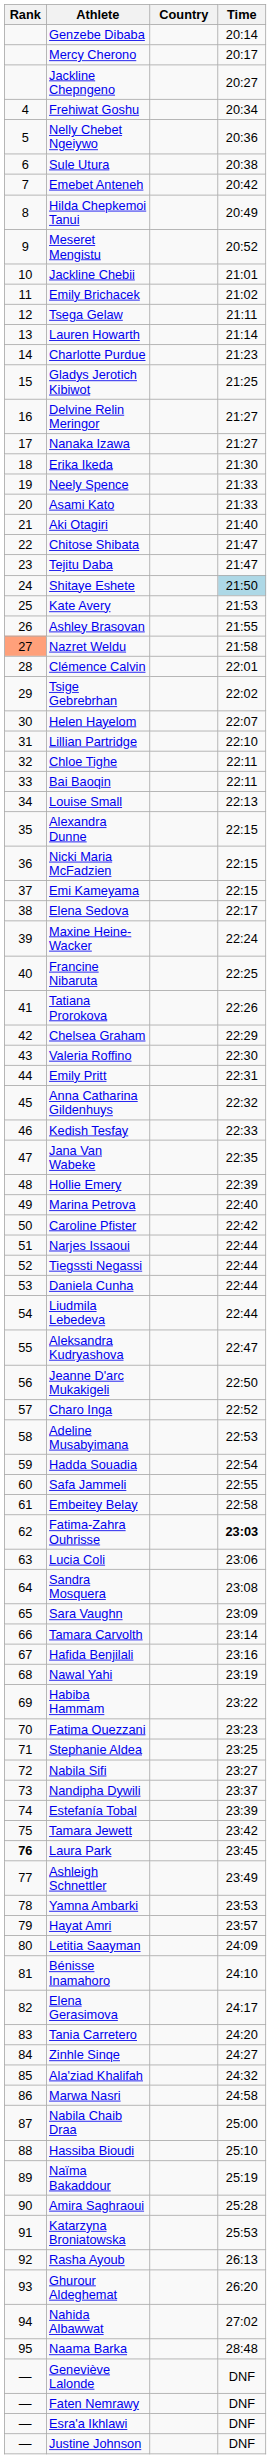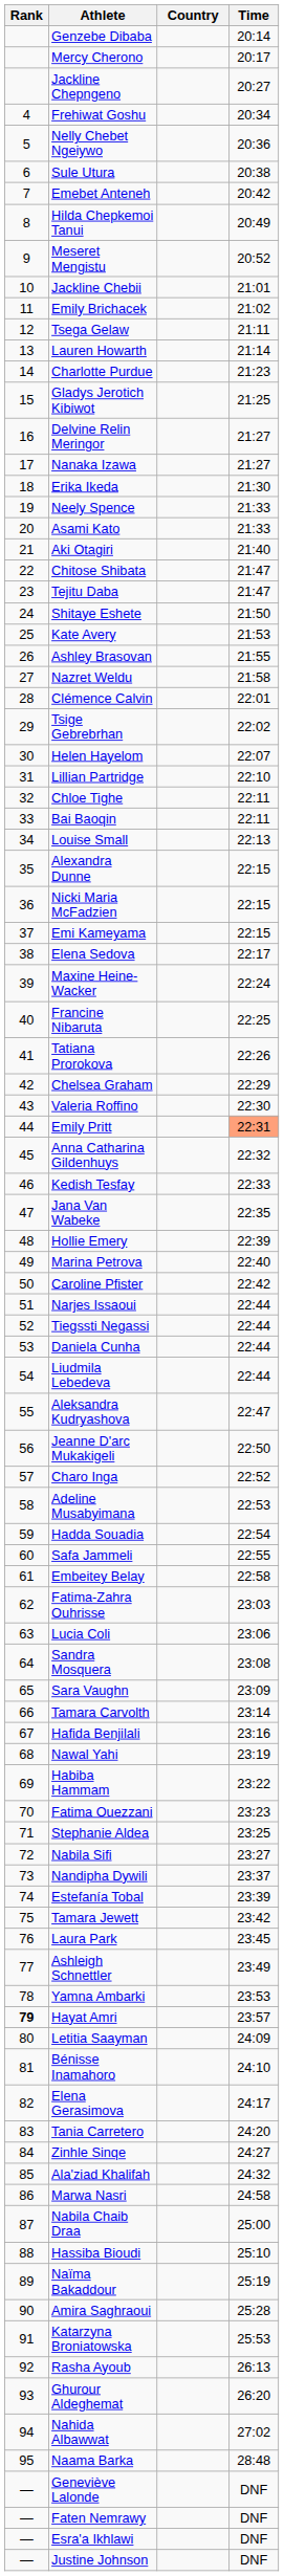 <table class="wikitable sortable" style=" text-align:center; font-size:95%;" width="50%">
 <tr>
 <th width=5%>Rank</th>
 <th width=20%>Athlete</th>
 <th width=15%>Country</th>
 <th width=10%>Time</th>
 </tr>
 <tr>
 <td align=center></td>
 <td align=left><a href='#'>Genzebe Dibaba</a></td>
 <td align=left></td>
 <td>20:14</td>
 </tr>
 <tr>
 <td align=center></td>
 <td align=left><a href='#'>Mercy Cherono</a></td>
 <td align=left></td>
 <td>20:17</td>
 </tr>
 <tr>
 <td align=center></td>
 <td align=left><a href='#'>Jackline Chepngeno</a></td>
 <td align=left></td>
 <td>20:27</td>
 </tr>
 <tr>
 <td align=center>4</td>
 <td align=left><a href='#'>Frehiwat Goshu</a></td>
 <td align=left></td>
 <td>20:34</td>
 </tr>
 <tr>
 <td align=center>5</td>
 <td align=left><a href='#'>Nelly Chebet Ngeiywo</a></td>
 <td align=left></td>
 <td>20:36</td>
 </tr>
 <tr>
 <td align=center>6</td>
 <td align=left><a href='#'>Sule Utura</a></td>
 <td align=left></td>
 <td>20:38</td>
 </tr>
 <tr>
 <td align=center>7</td>
 <td align=left><a href='#'>Emebet Anteneh</a></td>
 <td align=left></td>
 <td>20:42</td>
 </tr>
 <tr>
 <td align=center>8</td>
 <td align=left><a href='#'>Hilda Chepkemoi Tanui</a></td>
 <td align=left></td>
 <td>20:49</td>
 </tr>
 <tr>
 <td align=center>9</td>
 <td align=left><a href='#'>Meseret Mengistu</a></td>
 <td align=left></td>
 <td>20:52</td>
 </tr>
 <tr>
 <td align=center>10</td>
 <td align=left><a href='#'>Jackline Chebii</a></td>
 <td align=left></td>
 <td>21:01</td>
 </tr>
 <tr>
 <td align=center>11</td>
 <td align=left><a href='#'>Emily Brichacek</a></td>
 <td align=left></td>
 <td>21:02</td>
 </tr>
 <tr>
 <td align=center>12</td>
 <td align=left><a href='#'>Tsega Gelaw</a></td>
 <td align=left></td>
 <td>21:11</td>
 </tr>
 <tr>
 <td align=center>13</td>
 <td align=left><a href='#'>Lauren Howarth</a></td>
 <td align=left></td>
 <td>21:14</td>
 </tr>
 <tr>
 <td align=center>14</td>
 <td align=left><a href='#'>Charlotte Purdue</a></td>
 <td align=left></td>
 <td>21:23</td>
 </tr>
 <tr>
 <td align=center>15</td>
 <td align=left><a href='#'>Gladys Jerotich Kibiwot</a></td>
 <td align=left></td>
 <td>21:25</td>
 </tr>
 <tr>
 <td align=center>16</td>
 <td align=left><a href='#'>Delvine Relin Meringor</a></td>
 <td align=left></td>
 <td>21:27</td>
 </tr>
 <tr>
 <td align=center>17</td>
 <td align=left><a href='#'>Nanaka Izawa</a></td>
 <td align=left></td>
 <td>21:27</td>
 </tr>
 <tr>
 <td align=center>18</td>
 <td align=left><a href='#'>Erika Ikeda</a></td>
 <td align=left></td>
 <td>21:30</td>
 </tr>
 <tr>
 <td align=center>19</td>
 <td align=left><a href='#'>Neely Spence</a></td>
 <td align=left></td>
 <td>21:33</td>
 </tr>
 <tr>
 <td align=center>20</td>
 <td align=left><a href='#'>Asami Kato</a></td>
 <td align=left></td>
 <td>21:33</td>
 </tr>
 <tr>
 <td align=center>21</td>
 <td align=left><a href='#'>Aki Otagiri</a></td>
 <td align=left></td>
 <td>21:40</td>
 </tr>
 <tr>
 <td align=center>22</td>
 <td align=left><a href='#'>Chitose Shibata</a></td>
 <td align=left></td>
 <td>21:47</td>
 </tr>
 <tr>
 <td align=center>23</td>
 <td align=left><a href='#'>Tejitu Daba</a></td>
 <td align=left></td>
 <td>21:47</td>
 </tr>
 <tr>
 <td align=center>24</td>
 <td align=left><a href='#'>Shitaye Eshete</a></td>
 <td align=left></td>
-<td style="background: lightblue;">21:50</td>
+<td>21:50</td>
 </tr>
 <tr>
 <td align=center>25</td>
 <td align=left><a href='#'>Kate Avery</a></td>
 <td align=left></td>
 <td>21:53</td>
 </tr>
 <tr>
 <td align=center>26</td>
 <td align=left><a href='#'>Ashley Brasovan</a></td>
 <td align=left></td>
 <td>21:55</td>
 </tr>
 <tr>
-<td align=center style="background: lightsalmon;">27</td>
+<td align=center>27</td>
 <td align=left><a href='#'>Nazret Weldu</a></td>
 <td align=left></td>
 <td>21:58</td>
 </tr>
 <tr>
 <td align=center>28</td>
 <td align=left><a href='#'>Clémence Calvin</a></td>
 <td align=left></td>
 <td>22:01</td>
 </tr>
 <tr>
 <td align=center>29</td>
 <td align=left><a href='#'>Tsige Gebrebrhan</a></td>
 <td align=left></td>
 <td>22:02</td>
 </tr>
 <tr>
 <td align=center>30</td>
 <td align=left><a href='#'>Helen Hayelom</a></td>
 <td align=left></td>
 <td>22:07</td>
 </tr>
 <tr>
 <td align=center>31</td>
 <td align=left><a href='#'>Lillian Partridge</a></td>
 <td align=left></td>
 <td>22:10</td>
 </tr>
 <tr>
 <td align=center>32</td>
 <td align=left><a href='#'>Chloe Tighe</a></td>
 <td align=left></td>
 <td>22:11</td>
 </tr>
 <tr>
 <td align=center>33</td>
 <td align=left><a href='#'>Bai Baoqin</a></td>
 <td align=left></td>
 <td>22:11</td>
 </tr>
 <tr>
 <td align=center>34</td>
 <td align=left><a href='#'>Louise Small</a></td>
 <td align=left></td>
 <td>22:13</td>
 </tr>
 <tr>
 <td align=center>35</td>
 <td align=left><a href='#'>Alexandra Dunne</a></td>
 <td align=left></td>
 <td>22:15</td>
 </tr>
 <tr>
 <td align=center>36</td>
 <td align=left><a href='#'>Nicki Maria McFadzien</a></td>
 <td align=left></td>
 <td>22:15</td>
 </tr>
 <tr>
 <td align=center>37</td>
 <td align=left><a href='#'>Emi Kameyama</a></td>
 <td align=left></td>
 <td>22:15</td>
 </tr>
 <tr>
 <td align=center>38</td>
 <td align=left><a href='#'>Elena Sedova</a></td>
 <td align=left></td>
 <td>22:17</td>
 </tr>
 <tr>
 <td align=center>39</td>
 <td align=left><a href='#'>Maxine Heine-Wacker</a></td>
 <td align=left></td>
 <td>22:24</td>
 </tr>
 <tr>
 <td align=center>40</td>
 <td align=left><a href='#'>Francine Nibaruta</a></td>
 <td align=left></td>
 <td>22:25</td>
 </tr>
 <tr>
 <td align=center>41</td>
 <td align=left><a href='#'>Tatiana Prorokova</a></td>
 <td align=left></td>
 <td>22:26</td>
 </tr>
 <tr>
 <td align=center>42</td>
 <td align=left><a href='#'>Chelsea Graham</a></td>
 <td align=left></td>
 <td>22:29</td>
 </tr>
 <tr>
 <td align=center>43</td>
 <td align=left><a href='#'>Valeria Roffino</a></td>
 <td align=left></td>
 <td>22:30</td>
 </tr>
 <tr>
 <td align=center>44</td>
 <td align=left><a href='#'>Emily Pritt</a></td>
 <td align=left></td>
-<td>22:31</td>
+<td style="background: lightsalmon;">22:31</td>
 </tr>
 <tr>
 <td align=center>45</td>
 <td align=left><a href='#'>Anna Catharina Gildenhuys</a></td>
 <td align=left></td>
 <td>22:32</td>
 </tr>
 <tr>
 <td align=center>46</td>
 <td align=left><a href='#'>Kedish Tesfay</a></td>
 <td align=left></td>
 <td>22:33</td>
 </tr>
 <tr>
 <td align=center>47</td>
 <td align=left><a href='#'>Jana Van Wabeke</a></td>
 <td align=left></td>
 <td>22:35</td>
 </tr>
 <tr>
 <td align=center>48</td>
 <td align=left><a href='#'>Hollie Emery</a></td>
 <td align=left></td>
 <td>22:39</td>
 </tr>
 <tr>
 <td align=center>49</td>
 <td align=left><a href='#'>Marina Petrova</a></td>
 <td align=left></td>
 <td>22:40</td>
 </tr>
 <tr>
 <td align=center>50</td>
 <td align=left><a href='#'>Caroline Pfister</a></td>
 <td align=left></td>
 <td>22:42</td>
 </tr>
 <tr>
 <td align=center>51</td>
 <td align=left><a href='#'>Narjes Issaoui</a></td>
 <td align=left></td>
 <td>22:44</td>
 </tr>
 <tr>
 <td align=center>52</td>
 <td align=left><a href='#'>Tiegssti Negassi</a></td>
 <td align=left></td>
 <td>22:44</td>
 </tr>
 <tr>
 <td align=center>53</td>
 <td align=left><a href='#'>Daniela Cunha</a></td>
 <td align=left></td>
 <td>22:44</td>
 </tr>
 <tr>
 <td align=center>54</td>
 <td align=left><a href='#'>Liudmila Lebedeva</a></td>
 <td align=left></td>
 <td>22:44</td>
 </tr>
 <tr>
 <td align=center>55</td>
 <td align=left><a href='#'>Aleksandra Kudryashova</a></td>
 <td align=left></td>
 <td>22:47</td>
 </tr>
 <tr>
 <td align=center>56</td>
 <td align=left><a href='#'>Jeanne D'arc Mukakigeli</a></td>
 <td align=left></td>
 <td>22:50</td>
 </tr>
 <tr>
 <td align=center>57</td>
 <td align=left><a href='#'>Charo Inga</a></td>
 <td align=left></td>
 <td>22:52</td>
 </tr>
 <tr>
 <td align=center>58</td>
 <td align=left><a href='#'>Adeline Musabyimana</a></td>
 <td align=left></td>
 <td>22:53</td>
 </tr>
 <tr>
 <td align=center>59</td>
 <td align=left><a href='#'>Hadda Souadia</a></td>
 <td align=left></td>
 <td>22:54</td>
 </tr>
 <tr>
 <td align=center>60</td>
 <td align=left><a href='#'>Safa Jammeli</a></td>
 <td align=left></td>
 <td>22:55</td>
 </tr>
 <tr>
 <td align=center>61</td>
 <td align=left><a href='#'>Embeitey Belay</a></td>
 <td align=left></td>
 <td>22:58</td>
 </tr>
 <tr>
 <td align=center>62</td>
 <td align=left><a href='#'>Fatima-Zahra Ouhrisse</a></td>
 <td align=left></td>
-<td><strong>23:03</strong></td>
+<td>23:03</td>
 </tr>
 <tr>
 <td align=center>63</td>
 <td align=left><a href='#'>Lucia Coli</a></td>
 <td align=left></td>
 <td>23:06</td>
 </tr>
 <tr>
 <td align=center>64</td>
 <td align=left><a href='#'>Sandra Mosquera</a></td>
 <td align=left></td>
 <td>23:08</td>
 </tr>
 <tr>
 <td align=center>65</td>
 <td align=left><a href='#'>Sara Vaughn</a></td>
 <td align=left></td>
 <td>23:09</td>
 </tr>
 <tr>
 <td align=center>66</td>
 <td align=left><a href='#'>Tamara Carvolth</a></td>
 <td align=left></td>
 <td>23:14</td>
 </tr>
 <tr>
 <td align=center>67</td>
 <td align=left><a href='#'>Hafida Benjilali</a></td>
 <td align=left></td>
 <td>23:16</td>
 </tr>
 <tr>
 <td align=center>68</td>
 <td align=left><a href='#'>Nawal Yahi</a></td>
 <td align=left></td>
 <td>23:19</td>
 </tr>
 <tr>
 <td align=center>69</td>
 <td align=left><a href='#'>Habiba Hammam</a></td>
 <td align=left></td>
 <td>23:22</td>
 </tr>
 <tr>
 <td align=center>70</td>
 <td align=left><a href='#'>Fatima Ouezzani</a></td>
 <td align=left></td>
 <td>23:23</td>
 </tr>
 <tr>
 <td align=center>71</td>
 <td align=left><a href='#'>Stephanie Aldea</a></td>
 <td align=left></td>
 <td>23:25</td>
 </tr>
 <tr>
 <td align=center>72</td>
 <td align=left><a href='#'>Nabila Sifi</a></td>
 <td align=left></td>
 <td>23:27</td>
 </tr>
 <tr>
 <td align=center>73</td>
 <td align=left><a href='#'>Nandipha Dywili</a></td>
 <td align=left></td>
 <td>23:37</td>
 </tr>
 <tr>
 <td align=center>74</td>
 <td align=left><a href='#'>Estefanía Tobal</a></td>
 <td align=left></td>
 <td>23:39</td>
 </tr>
 <tr>
 <td align=center>75</td>
 <td align=left><a href='#'>Tamara Jewett</a></td>
 <td align=left></td>
 <td>23:42</td>
 </tr>
 <tr>
-<td align=center><strong>76</strong></td>
+<td align=center>76</td>
 <td align=left><a href='#'>Laura Park</a></td>
 <td align=left></td>
 <td>23:45</td>
 </tr>
 <tr>
 <td align=center>77</td>
 <td align=left><a href='#'>Ashleigh Schnettler</a></td>
 <td align=left></td>
 <td>23:49</td>
 </tr>
 <tr>
 <td align=center>78</td>
 <td align=left><a href='#'>Yamna Ambarki</a></td>
 <td align=left></td>
 <td>23:53</td>
 </tr>
 <tr>
-<td align=center>79</td>
+<td align=center><strong>79</strong></td>
 <td align=left><a href='#'>Hayat Amri</a></td>
 <td align=left></td>
 <td>23:57</td>
 </tr>
 <tr>
 <td align=center>80</td>
 <td align=left><a href='#'>Letitia Saayman</a></td>
 <td align=left></td>
 <td>24:09</td>
 </tr>
 <tr>
 <td align=center>81</td>
 <td align=left><a href='#'>Bénisse Inamahoro</a></td>
 <td align=left></td>
 <td>24:10</td>
 </tr>
 <tr>
 <td align=center>82</td>
 <td align=left><a href='#'>Elena Gerasimova</a></td>
 <td align=left></td>
 <td>24:17</td>
 </tr>
 <tr>
 <td align=center>83</td>
 <td align=left><a href='#'>Tania Carretero</a></td>
 <td align=left></td>
 <td>24:20</td>
 </tr>
 <tr>
 <td align=center>84</td>
 <td align=left><a href='#'>Zinhle Sinqe</a></td>
 <td align=left></td>
 <td>24:27</td>
 </tr>
 <tr>
 <td align=center>85</td>
 <td align=left><a href='#'>Ala'ziad Khalifah</a></td>
 <td align=left></td>
 <td>24:32</td>
 </tr>
 <tr>
 <td align=center>86</td>
 <td align=left><a href='#'>Marwa Nasri</a></td>
 <td align=left></td>
 <td>24:58</td>
 </tr>
 <tr>
 <td align=center>87</td>
 <td align=left><a href='#'>Nabila Chaib Draa</a></td>
 <td align=left></td>
 <td>25:00</td>
 </tr>
 <tr>
 <td align=center>88</td>
 <td align=left><a href='#'>Hassiba Bioudi</a></td>
 <td align=left></td>
 <td>25:10</td>
 </tr>
 <tr>
 <td align=center>89</td>
 <td align=left><a href='#'>Naïma Bakaddour</a></td>
 <td align=left></td>
 <td>25:19</td>
 </tr>
 <tr>
 <td align=center>90</td>
 <td align=left><a href='#'>Amira Saghraoui</a></td>
 <td align=left></td>
 <td>25:28</td>
 </tr>
 <tr>
 <td align=center>91</td>
 <td align=left><a href='#'>Katarzyna Broniatowska</a></td>
 <td align=left></td>
 <td>25:53</td>
 </tr>
 <tr>
 <td align=center>92</td>
 <td align=left><a href='#'>Rasha Ayoub</a></td>
 <td align=left></td>
 <td>26:13</td>
 </tr>
 <tr>
 <td align=center>93</td>
 <td align=left><a href='#'>Ghurour Aldeghemat</a></td>
 <td align=left></td>
 <td>26:20</td>
 </tr>
 <tr>
 <td align=center>94</td>
 <td align=left><a href='#'>Nahida Albawwat</a></td>
 <td align=left></td>
 <td>27:02</td>
 </tr>
 <tr>
 <td align=center>95</td>
 <td align=left><a href='#'>Naama Barka</a></td>
 <td align=left></td>
 <td>28:48</td>
 </tr>
 <tr>
 <td align=center>—</td>
 <td align=left><a href='#'>Geneviève Lalonde</a></td>
 <td align=left></td>
 <td>DNF</td>
 </tr>
 <tr>
 <td align=center>—</td>
 <td align=left><a href='#'>Faten Nemrawy</a></td>
 <td align=left></td>
 <td>DNF</td>
 </tr>
 <tr>
 <td align=center>—</td>
 <td align=left><a href='#'>Esra'a Ikhlawi</a></td>
 <td align=left></td>
 <td>DNF</td>
 </tr>
 <tr>
 <td align=center>—</td>
 <td align=left><a href='#'>Justine Johnson</a></td>
 <td align=left></td>
 <td>DNF</td>
 </tr>
 </table>
